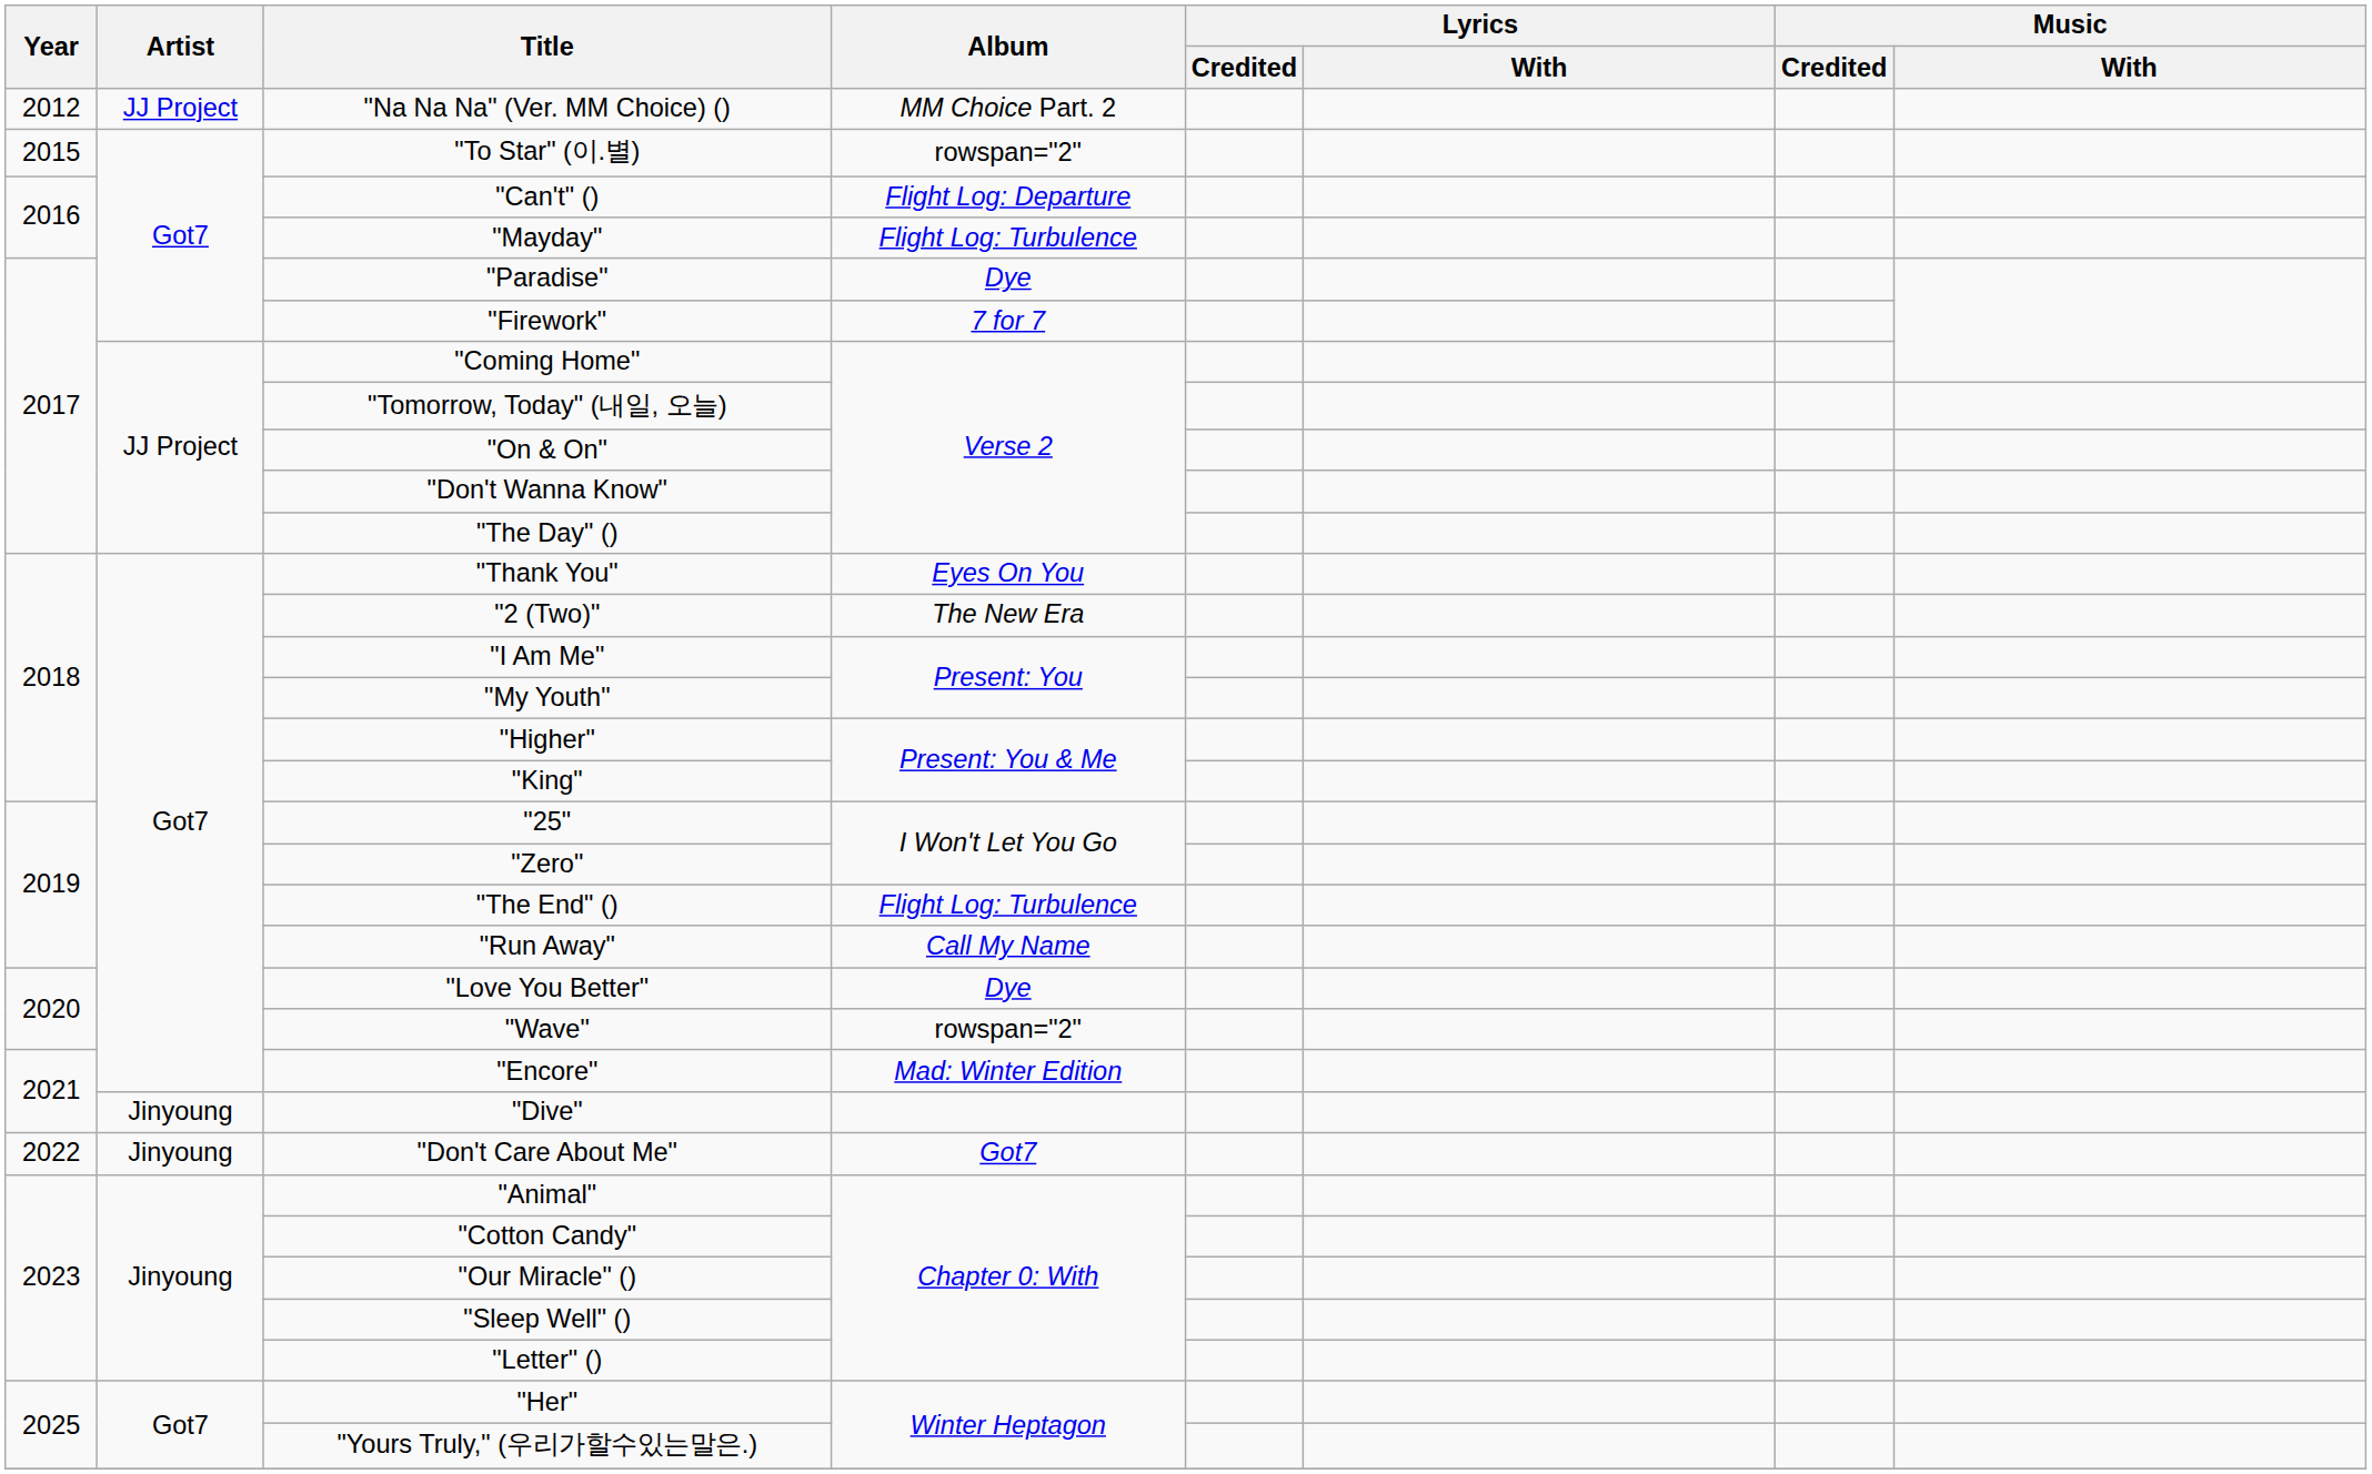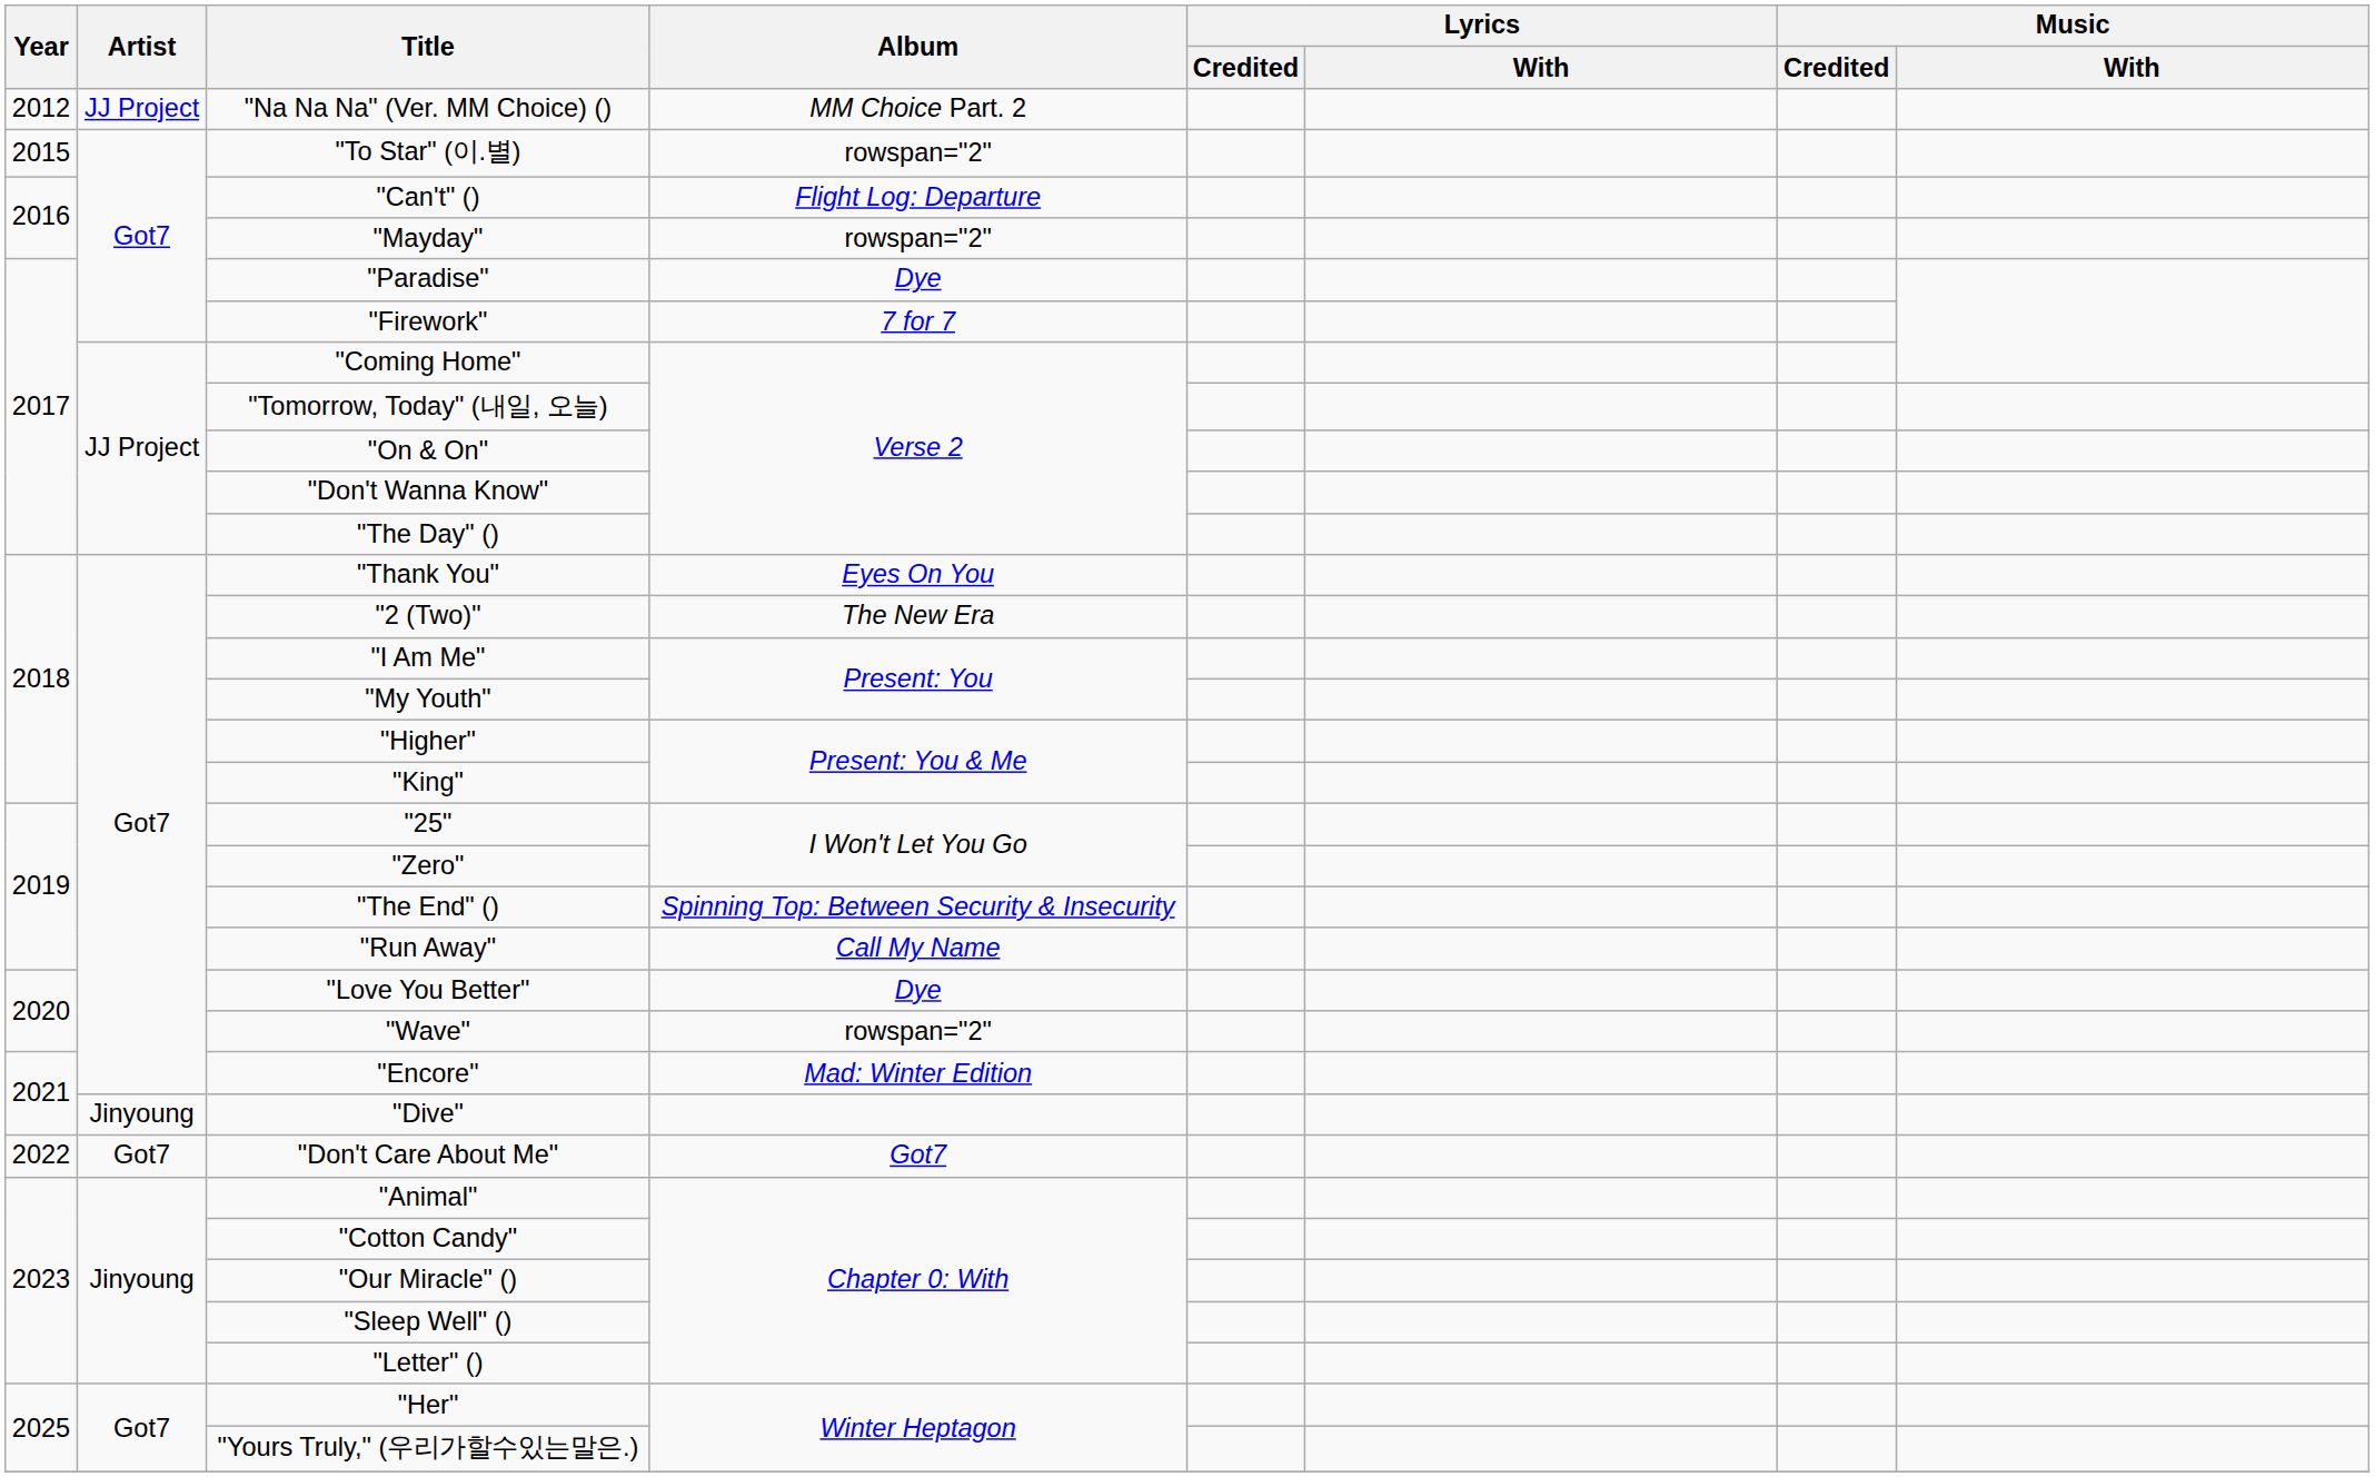 <table class="wikitable" style="text-align:center">
 <tr>
 <th rowspan="2">Year</th>
 <th rowspan="2">Artist</th>
 <th rowspan="2">Title</th>
 <th rowspan="2">Album</th>
 <th colspan="2">Lyrics</th>
 <th colspan="2">Music</th>
 </tr>
 <tr>
 <th style="width:5%">Credited</th>
 <th style="width:20%">With</th>
 <th style="width:5%">Credited</th>
 <th style="width:20%">With</th>
 </tr>
 <tr>
 <td>2012</td>
 <td><a href='#'>JJ Project</a></td>
 <td>"Na Na Na" (Ver. MM Choice) () </td>
 <td><em>MM Choice</em> Part. 2</td>
 <td></td>
 <td></td>
 <td></td>
 <td></td>
 </tr>
 <tr>
 <td>2015</td>
 <td rowspan="5"><a href='#'>Got7</a></td>
 <td>"To Star" (이.별)</td>
 <td>rowspan="2" </td>
 <td></td>
 <td></td>
 <td></td>
 <td></td>
 </tr>
 <tr>
 <td rowspan="2">2016</td>
 <td>"Can't" ()</td>
 <td><em><a href='#'>Flight Log: Departure</a></em></td>
 <td></td>
 <td><a href='#'></a></td>
 <td></td>
 <td></td>
 </tr>
 <tr>
 <td>"Mayday"</td>
-<td><em><a href='#'>Flight Log: Turbulence</a></em></td>
+<td>rowspan="2" </td>
 <td></td>
 <td></td>
 <td></td>
 <td></td>
 </tr>
 <tr>
 <td rowspan="7">2017</td>
 <td>"Paradise"</td>
 <td><em><a href='#'>Dye</a></em></td>
 <td></td>
 <td></td>
 <td></td>
 <td rowspan="3"></td>
 </tr>
 <tr>
 <td>"Firework"</td>
 <td><em><a href='#'>7 for 7</a></em></td>
 <td></td>
 <td></td>
 <td></td>
 </tr>
 <tr>
 <td rowspan="5">JJ Project</td>
 <td>"Coming Home"</td>
 <td rowspan="5"><em><a href='#'>Verse 2</a></em></td>
 <td></td>
 <td></td>
 <td></td>
 </tr>
 <tr>
 <td>"Tomorrow, Today" (내일, 오늘)</td>
 <td></td>
 <td></td>
 <td></td>
 <td></td>
 </tr>
 <tr>
 <td>"On & On"</td>
 <td></td>
 <td></td>
 <td></td>
 <td></td>
 </tr>
 <tr>
 <td>"Don't Wanna Know"</td>
 <td></td>
 <td></td>
 <td></td>
 <td></td>
 </tr>
 <tr>
 <td>"The Day" ()</td>
 <td></td>
 <td></td>
 <td></td>
 <td></td>
 </tr>
 <tr>
 <td rowspan="6">2018</td>
 <td rowspan="13">Got7</td>
 <td>"Thank You"</td>
 <td><em><a href='#'>Eyes On You</a></em></td>
 <td></td>
 <td></td>
 <td></td>
 <td></td>
 </tr>
 <tr>
 <td>"2 (Two)"</td>
 <td><em>The New Era</em></td>
 <td></td>
 <td></td>
 <td></td>
 <td></td>
 </tr>
 <tr>
 <td>"I Am Me"</td>
 <td rowspan="2"><em><a href='#'>Present: You</a></em></td>
 <td></td>
 <td></td>
 <td></td>
 <td></td>
 </tr>
 <tr>
 <td>"My Youth"</td>
 <td></td>
 <td></td>
 <td></td>
 <td></td>
 </tr>
 <tr>
 <td>"Higher"</td>
 <td rowspan="2"><em><a href='#'>Present: You & Me</a></em></td>
 <td></td>
 <td></td>
 <td></td>
 <td></td>
 </tr>
 <tr>
 <td>"King"</td>
 <td></td>
 <td></td>
 <td></td>
 <td></td>
 </tr>
 <tr>
 <td rowspan="4">2019</td>
 <td>"25"</td>
 <td rowspan="2"><em>I Won't Let You Go</em></td>
 <td></td>
 <td></td>
 <td></td>
 <td></td>
 </tr>
 <tr>
 <td>"Zero"</td>
 <td></td>
 <td></td>
 <td></td>
 <td></td>
 </tr>
 <tr>
 <td>"The End" ()</td>
-<td><em><a href='#'>Flight Log: Turbulence</a></em></td>
+<td><em><a href='#'>Spinning Top: Between Security & Insecurity</a></em></td>
 <td></td>
 <td></td>
 <td></td>
 <td></td>
 </tr>
 <tr>
 <td>"Run Away"</td>
 <td><em><a href='#'>Call My Name</a></em></td>
 <td></td>
 <td></td>
 <td></td>
 <td></td>
 </tr>
 <tr>
 <td rowspan="2">2020</td>
 <td>"Love You Better"</td>
 <td><em><a href='#'>Dye</a></em></td>
 <td></td>
 <td></td>
 <td></td>
 <td></td>
 </tr>
 <tr>
 <td>"Wave"</td>
 <td>rowspan="2" </td>
 <td></td>
 <td></td>
 <td></td>
 <td></td>
 </tr>
 <tr>
 <td rowspan="2">2021</td>
 <td>"Encore"</td>
 <td><em><a href='#'>Mad: Winter Edition</a></em></td>
 <td></td>
 <td></td>
 <td></td>
 <td></td>
 </tr>
 <tr>
 <td>Jinyoung</td>
 <td>"Dive"</td>
 <td></td>
 <td></td>
 <td></td>
 <td></td>
 </tr>
 <tr>
 <td>2022</td>
-<td>Jinyoung</td>
+<td>Got7</td>
 <td>"Don't Care About Me"</td>
 <td><em><a href='#'>Got7</a></em></td>
 <td></td>
 <td></td>
 <td></td>
 <td></td>
 </tr>
 <tr>
 <td rowspan="5">2023</td>
 <td rowspan="5">Jinyoung</td>
 <td>"Animal"</td>
 <td rowspan="5"><em><a href='#'>Chapter 0: With</a></em></td>
 <td></td>
 <td></td>
 <td></td>
 <td></td>
 </tr>
 <tr>
 <td>"Cotton Candy"</td>
 <td></td>
 <td></td>
 <td></td>
 <td></td>
 </tr>
 <tr>
 <td>"Our Miracle" ()</td>
 <td></td>
 <td></td>
 <td></td>
 <td></td>
 </tr>
 <tr>
 <td>"Sleep Well" ()</td>
 <td></td>
 <td></td>
 <td></td>
 <td></td>
 </tr>
 <tr>
 <td>"Letter" ()</td>
 <td></td>
 <td></td>
 <td></td>
 <td></td>
 </tr>
 <tr>
 <td rowspan=2>2025</td>
 <td rowspan=2>Got7</td>
 <td>"Her"</td>
 <td rowspan=2><em><a href='#'>Winter Heptagon</a></em></td>
 <td></td>
 <td></td>
 <td></td>
 <td></td>
 </tr>
 <tr>
 <td>"Yours Truly," (우리가할수있는말은.)</td>
 <td></td>
 <td></td>
 <td></td>
 <td></td>
 </tr>
 <tr>
 </tr>
 </table>
